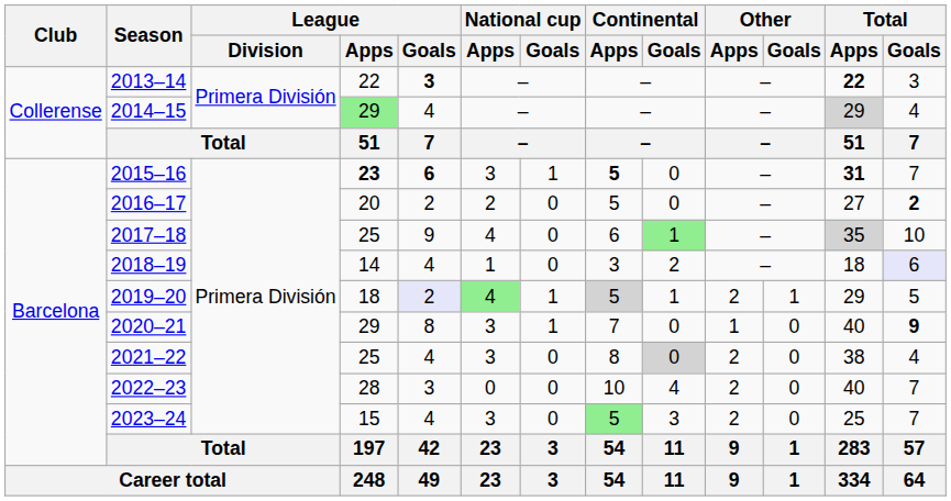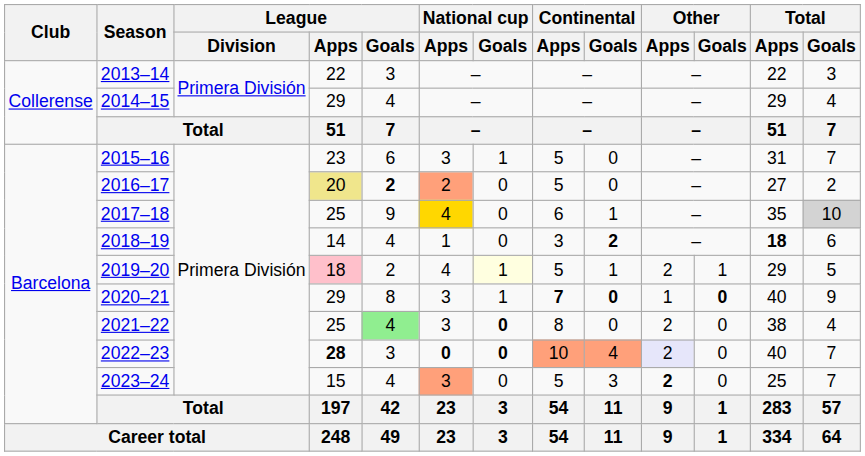 <table class="wikitable" style="text-align: center">
 <tr>
 <th rowspan="2">Club</th>
 <th rowspan="2">Season</th>
 <th colspan="3">League</th>
 <th colspan="2">National cup</th>
 <th colspan="2">Continental</th>
 <th colspan="2">Other</th>
 <th colspan="2">Total</th>
 </tr>
 <tr>
 <th>Division</th>
 <th>Apps</th>
 <th>Goals</th>
 <th>Apps</th>
 <th>Goals</th>
 <th>Apps</th>
 <th>Goals</th>
 <th>Apps</th>
 <th>Goals</th>
 <th>Apps</th>
 <th>Goals</th>
 </tr>
 <tr>
 <td rowspan="3"><a href='#'>Collerense</a></td>
 <td><a href='#'>2013–14</a></td>
 <td rowspan="2"><a href='#'>Primera División</a></td>
 <td>22</td>
-<td><strong>3</strong></td>
+<td>3</td>
 <td colspan="2">–</td>
 <td colspan="2">–</td>
 <td colspan="2">–</td>
-<td><strong>22</strong></td>
+<td>22</td>
 <td>3</td>
 </tr>
 <tr>
 <td><a href='#'>2014–15</a></td>
-<td style="background: lightgreen;">29</td>
+<td>29</td>
 <td>4</td>
 <td colspan="2">–</td>
 <td colspan="2">–</td>
 <td colspan="2">–</td>
-<td style="background: lightgrey;">29</td>
+<td>29</td>
 <td>4</td>
 </tr>
 <tr>
 <th colspan="2">Total</th>
 <th>51</th>
 <th>7</th>
 <th colspan="2">–</th>
 <th colspan="2">–</th>
 <th colspan="2">–</th>
 <th>51</th>
 <th>7</th>
 </tr>
 <tr>
 <td rowspan="10"><a href='#'>Barcelona</a></td>
 <td><a href='#'>2015–16</a></td>
 <td rowspan="9">Primera División</td>
-<td><strong>23</strong></td>
-<td><strong>6</strong></td>
+<td>23</td>
+<td>6</td>
 <td>3</td>
 <td>1</td>
-<td><strong>5</strong></td>
+<td>5</td>
 <td>0</td>
 <td colspan="2">–</td>
-<td><strong>31</strong></td>
+<td>31</td>
 <td>7</td>
 </tr>
 <tr>
 <td><a href='#'>2016–17</a></td>
-<td>20</td>
-<td>2</td>
-<td>2</td>
+<td style="background: khaki;">20</td>
+<td><strong>2</strong></td>
+<td style="background: lightsalmon;">2</td>
 <td>0</td>
 <td>5</td>
 <td>0</td>
 <td colspan="2">–</td>
 <td>27</td>
-<td><strong>2</strong></td>
+<td>2</td>
 </tr>
 <tr>
 <td><a href='#'>2017–18</a></td>
 <td>25</td>
 <td>9</td>
-<td>4</td>
+<td style="background: gold;">4</td>
 <td>0</td>
 <td>6</td>
-<td style="background: lightgreen;">1</td>
+<td>1</td>
 <td colspan="2">–</td>
-<td style="background: lightgrey;">35</td>
-<td>10</td>
+<td>35</td>
+<td style="background: lightgrey;">10</td>
 </tr>
 <tr>
 <td><a href='#'>2018–19</a></td>
 <td>14</td>
 <td>4</td>
 <td>1</td>
 <td>0</td>
 <td>3</td>
-<td>2</td>
+<td><strong>2</strong></td>
 <td colspan="2">–</td>
-<td>18</td>
-<td style="background: lavender;">6</td>
+<td><strong>18</strong></td>
+<td>6</td>
 </tr>
 <tr>
 <td><a href='#'>2019–20</a></td>
-<td>18</td>
-<td style="background: lavender;">2</td>
-<td style="background: lightgreen;">4</td>
-<td>1</td>
-<td style="background: lightgrey;">5</td>
+<td style="background: pink;">18</td>
+<td>2</td>
+<td>4</td>
+<td style="background: lightyellow;">1</td>
+<td>5</td>
 <td>1</td>
 <td>2</td>
 <td>1</td>
 <td>29</td>
 <td>5</td>
 </tr>
 <tr>
 <td><a href='#'>2020–21</a></td>
 <td>29</td>
 <td>8</td>
 <td>3</td>
 <td>1</td>
-<td>7</td>
-<td>0</td>
+<td><strong>7</strong></td>
+<td><strong>0</strong></td>
 <td>1</td>
-<td>0</td>
+<td><strong>0</strong></td>
 <td>40</td>
-<td><strong>9</strong></td>
+<td>9</td>
 </tr>
 <tr>
 <td><a href='#'>2021–22</a></td>
 <td>25</td>
-<td>4</td>
+<td style="background: lightgreen;">4</td>
 <td>3</td>
+<td><strong>0</strong></td>
+<td>8</td>
 <td>0</td>
-<td>8</td>
-<td style="background: lightgrey;">0</td>
 <td>2</td>
 <td>0</td>
 <td>38</td>
 <td>4</td>
 </tr>
 <tr>
 <td><a href='#'>2022–23</a></td>
-<td>28</td>
+<td><strong>28</strong></td>
 <td>3</td>
-<td>0</td>
-<td>0</td>
-<td>10</td>
-<td>4</td>
-<td>2</td>
+<td><strong>0</strong></td>
+<td><strong>0</strong></td>
+<td style="background: lightsalmon;">10</td>
+<td style="background: lightsalmon;">4</td>
+<td style="background: lavender;">2</td>
 <td>0</td>
 <td>40</td>
 <td>7</td>
 </tr>
 <tr>
 <td><a href='#'>2023–24</a></td>
 <td>15</td>
 <td>4</td>
+<td style="background: lightsalmon;">3</td>
+<td>0</td>
+<td>5</td>
 <td>3</td>
-<td>0</td>
-<td style="background: lightgreen;">5</td>
-<td>3</td>
-<td>2</td>
+<td><strong>2</strong></td>
 <td>0</td>
 <td>25</td>
 <td>7</td>
 </tr>
 <tr>
 <th colspan="2">Total</th>
 <th>197</th>
 <th>42</th>
 <th>23</th>
 <th>3</th>
 <th>54</th>
 <th>11</th>
 <th>9</th>
 <th>1</th>
 <th>283</th>
 <th>57</th>
 </tr>
 <tr>
 <th colspan="3">Career total</th>
 <th>248</th>
 <th>49</th>
 <th>23</th>
 <th>3</th>
 <th>54</th>
 <th>11</th>
 <th>9</th>
 <th>1</th>
 <th>334</th>
 <th>64</th>
 </tr>
 </table>
